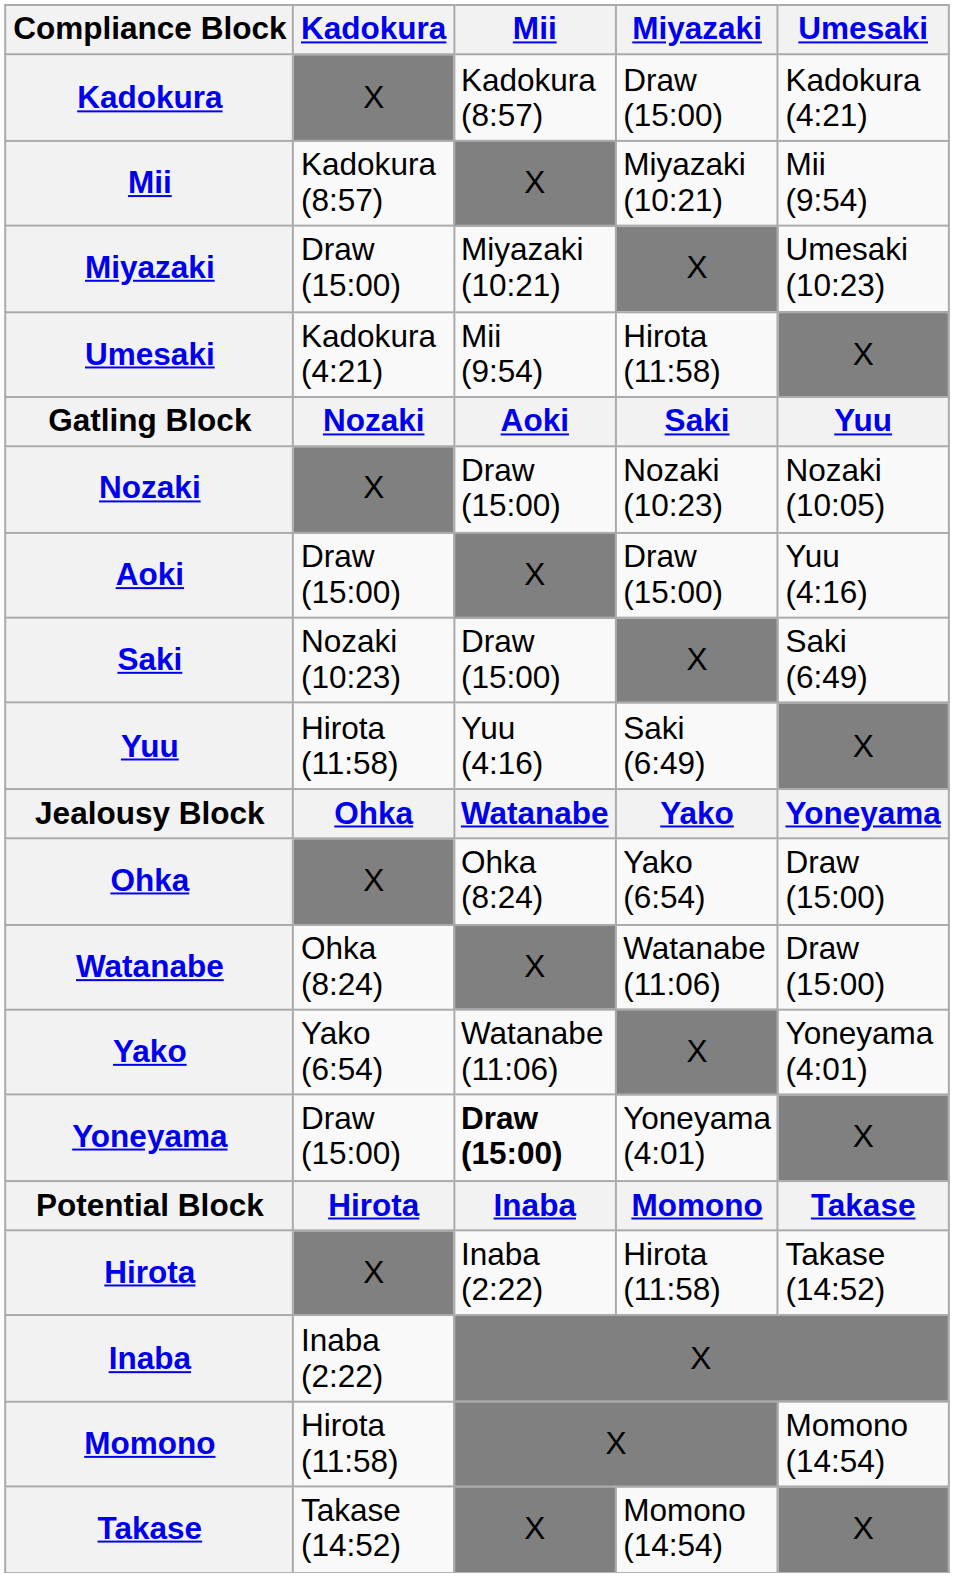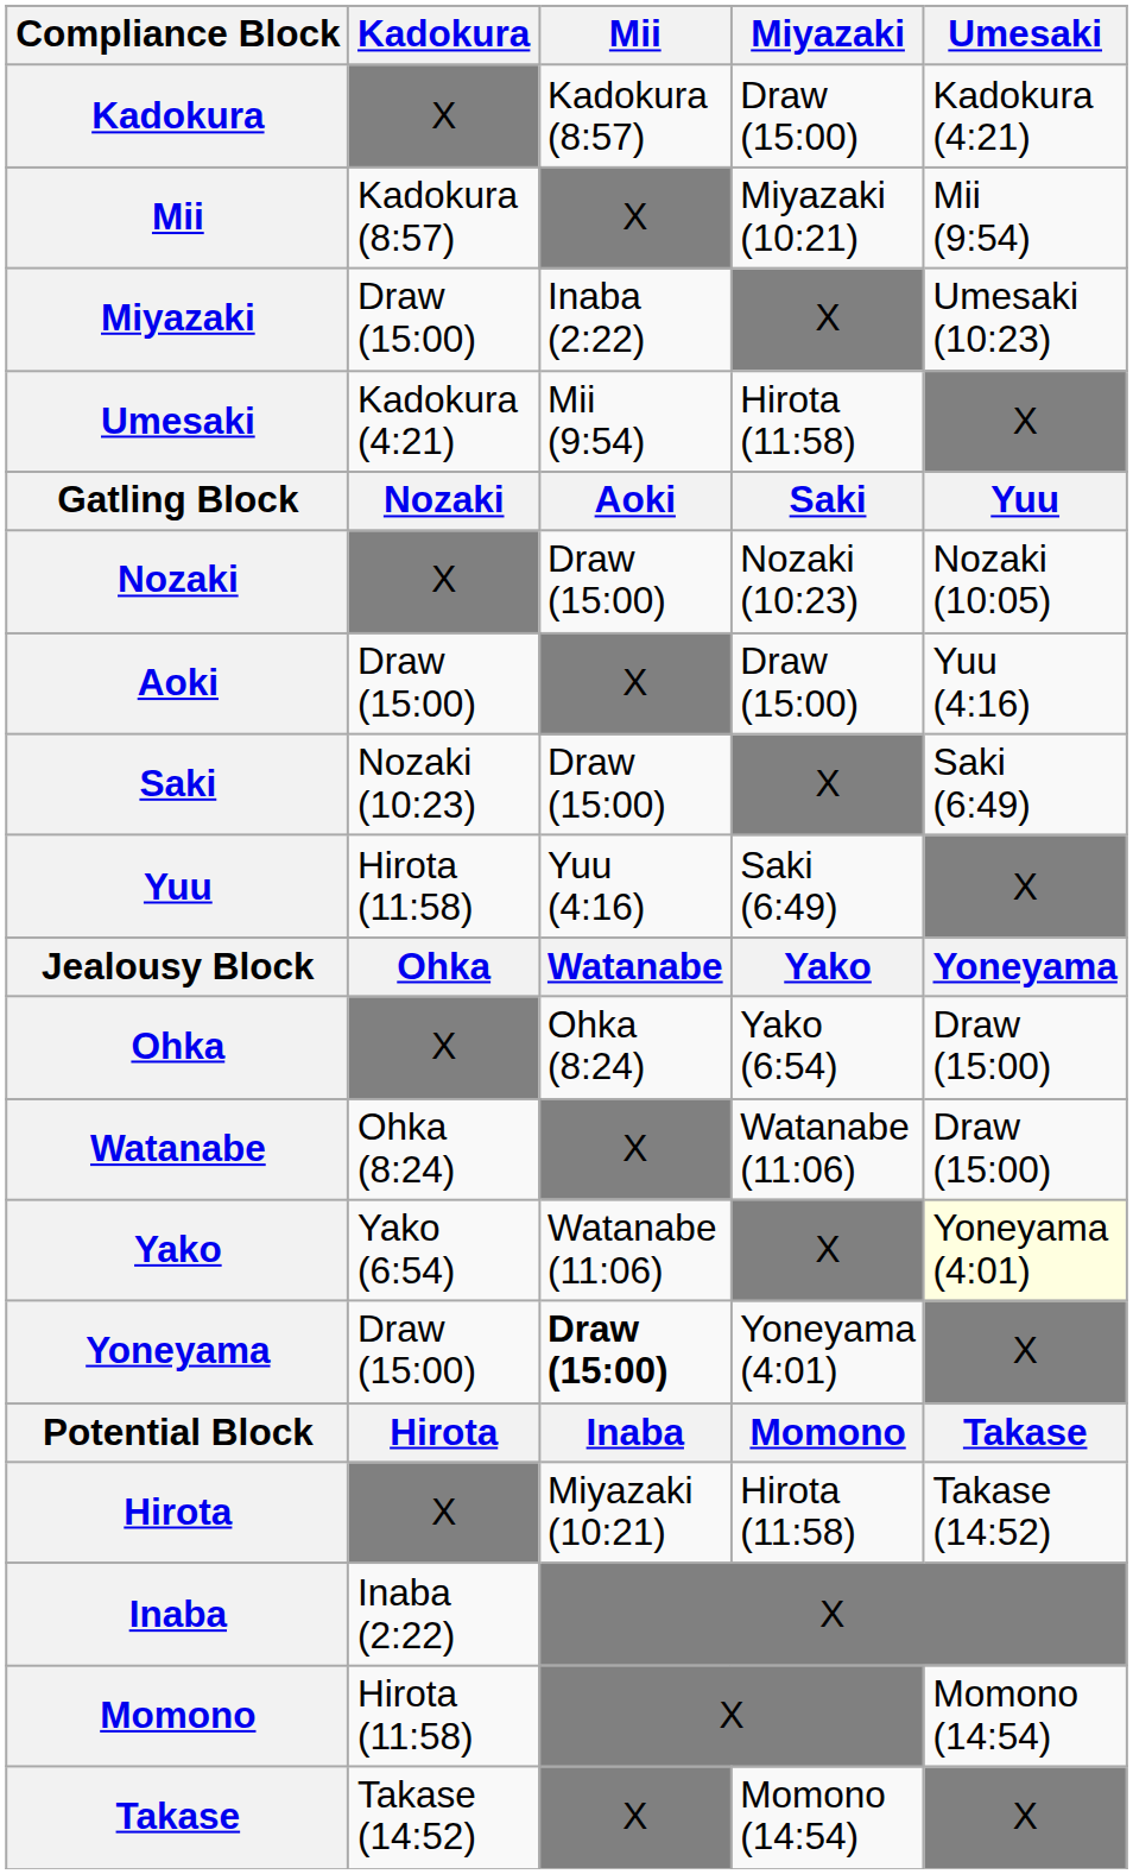 <table class="wikitable" align=center style="margin: 1em auto 1em auto">
 <tr>
 <th>Compliance Block</th>
 <th><a href='#'>Kadokura</a></th>
 <th><a href='#'>Mii</a></th>
 <th><a href='#'>Miyazaki</a></th>
 <th><a href='#'>Umesaki</a></th>
 </tr>
 <tr>
 <th><a href='#'>Kadokura</a></th>
 <td bgcolor=grey align="center">X</td>
 <td>Kadokura<br>(8:57)</td>
 <td>Draw<br>(15:00)</td>
 <td>Kadokura<br>(4:21)</td>
 </tr>
 <tr>
 <th><a href='#'>Mii</a></th>
 <td>Kadokura<br>(8:57)</td>
 <td bgcolor=grey align="center">X</td>
 <td>Miyazaki<br>(10:21)</td>
 <td>Mii<br>(9:54)</td>
 </tr>
 <tr>
 <th><a href='#'>Miyazaki</a></th>
 <td>Draw<br>(15:00)</td>
-<td>Miyazaki<br>(10:21)</td>
+<td>Inaba<br>(2:22)</td>
 <td bgcolor=grey align="center">X</td>
 <td>Umesaki<br>(10:23)</td>
 </tr>
 <tr>
 <th><a href='#'>Umesaki</a></th>
 <td>Kadokura<br>(4:21)</td>
 <td>Mii<br>(9:54)</td>
 <td>Hirota<br>(11:58)</td>
 <td bgcolor=grey align="center">X</td>
 </tr>
 <tr>
 <th>Gatling Block</th>
 <th><a href='#'>Nozaki</a></th>
 <th><a href='#'>Aoki</a></th>
 <th><a href='#'>Saki</a></th>
 <th><a href='#'>Yuu</a></th>
 </tr>
 <tr>
 <th><a href='#'>Nozaki</a></th>
 <td bgcolor=grey align="center">X</td>
 <td>Draw<br>(15:00)</td>
 <td>Nozaki<br>(10:23)</td>
 <td>Nozaki<br>(10:05)</td>
 </tr>
 <tr>
 <th><a href='#'>Aoki</a></th>
 <td>Draw<br>(15:00)</td>
 <td bgcolor=grey align="center">X</td>
 <td>Draw<br>(15:00)</td>
 <td>Yuu<br>(4:16)</td>
 </tr>
 <tr>
 <th><a href='#'>Saki</a></th>
 <td>Nozaki<br>(10:23)</td>
 <td>Draw<br>(15:00)</td>
 <td bgcolor=grey align="center">X</td>
 <td>Saki<br>(6:49)</td>
 </tr>
 <tr>
 <th><a href='#'>Yuu</a></th>
 <td>Hirota<br>(11:58)</td>
 <td>Yuu<br>(4:16)</td>
 <td>Saki<br>(6:49)</td>
 <td bgcolor=grey align="center">X</td>
 </tr>
 <tr>
 <th>Jealousy Block</th>
 <th><a href='#'>Ohka</a></th>
 <th><a href='#'>Watanabe</a></th>
 <th><a href='#'>Yako</a></th>
 <th><a href='#'>Yoneyama</a></th>
 </tr>
 <tr>
 <th><a href='#'>Ohka</a></th>
 <td bgcolor=grey align="center">X</td>
 <td>Ohka<br>(8:24)</td>
 <td>Yako<br>(6:54)</td>
 <td>Draw<br>(15:00)</td>
 </tr>
 <tr>
 <th><a href='#'>Watanabe</a></th>
 <td>Ohka<br>(8:24)</td>
 <td bgcolor=grey align="center">X</td>
 <td>Watanabe<br>(11:06)</td>
 <td>Draw<br>(15:00)</td>
 </tr>
 <tr>
 <th><a href='#'>Yako</a></th>
 <td>Yako<br>(6:54)</td>
 <td>Watanabe<br>(11:06)</td>
 <td bgcolor=grey align="center">X</td>
-<td>Yoneyama<br>(4:01)</td>
+<td style="background: lightyellow;">Yoneyama<br>(4:01)</td>
 </tr>
 <tr>
 <th><a href='#'>Yoneyama</a></th>
 <td>Draw<br>(15:00)</td>
 <td><strong>Draw<br>(15:00)</strong></td>
 <td>Yoneyama<br>(4:01)</td>
 <td bgcolor=grey align="center">X</td>
 </tr>
 <tr>
 <th>Potential Block</th>
 <th><a href='#'>Hirota</a></th>
 <th><a href='#'>Inaba</a></th>
 <th><a href='#'>Momono</a></th>
 <th><a href='#'>Takase</a></th>
 </tr>
 <tr>
 <th><a href='#'>Hirota</a></th>
 <td bgcolor=grey align="center">X</td>
-<td>Inaba<br>(2:22)</td>
+<td>Miyazaki<br>(10:21)</td>
 <td>Hirota<br>(11:58)</td>
 <td>Takase<br>(14:52)</td>
 </tr>
 <tr>
 <th><a href='#'>Inaba</a></th>
 <td>Inaba<br>(2:22)</td>
 <td bgcolor=grey align="center" colspan=3>X</td>
 </tr>
 <tr>
 <th><a href='#'>Momono</a></th>
 <td>Hirota<br>(11:58)</td>
 <td bgcolor=grey align="center" colspan=2>X</td>
 <td>Momono<br>(14:54)</td>
 </tr>
 <tr>
 <th><a href='#'>Takase</a></th>
 <td>Takase<br>(14:52)</td>
 <td bgcolor=grey align="center">X</td>
 <td>Momono<br>(14:54)</td>
 <td bgcolor=grey align="center">X</td>
 </tr>
 </table>
